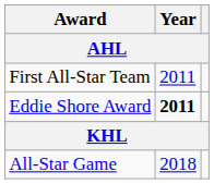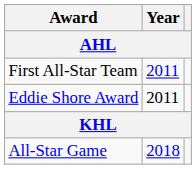 <table class="wikitable">
 <tr>
 <th>Award</th>
 <th>Year</th>
 <th></th>
 </tr>
 <tr>
 <th colspan="3"><a href='#'>AHL</a></th>
 </tr>
 <tr>
 <td>First All-Star Team</td>
 <td><a href='#'>2011</a></td>
 <td></td>
 </tr>
 <tr>
 <td><a href='#'>Eddie Shore Award</a></td>
-<td><strong>2011</strong></td>
+<td>2011</td>
 <td></td>
 </tr>
 <tr>
 <th colspan="3"><a href='#'>KHL</a></th>
 </tr>
 <tr>
 <td><a href='#'>All-Star Game</a></td>
 <td><a href='#'>2018</a></td>
 <td></td>
 </tr>
 </table>
